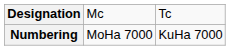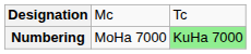 <table class="wikitable">
 <tr>
 <th>Designation</th>
 <td>Mc</td>
 <td>Tc</td>
 </tr>
 <tr>
 <th>Numbering</th>
 <td>MoHa 7000</td>
-<td>KuHa 7000</td>
+<td style="background: lightgreen;">KuHa 7000</td>
 </tr>
 </table>
